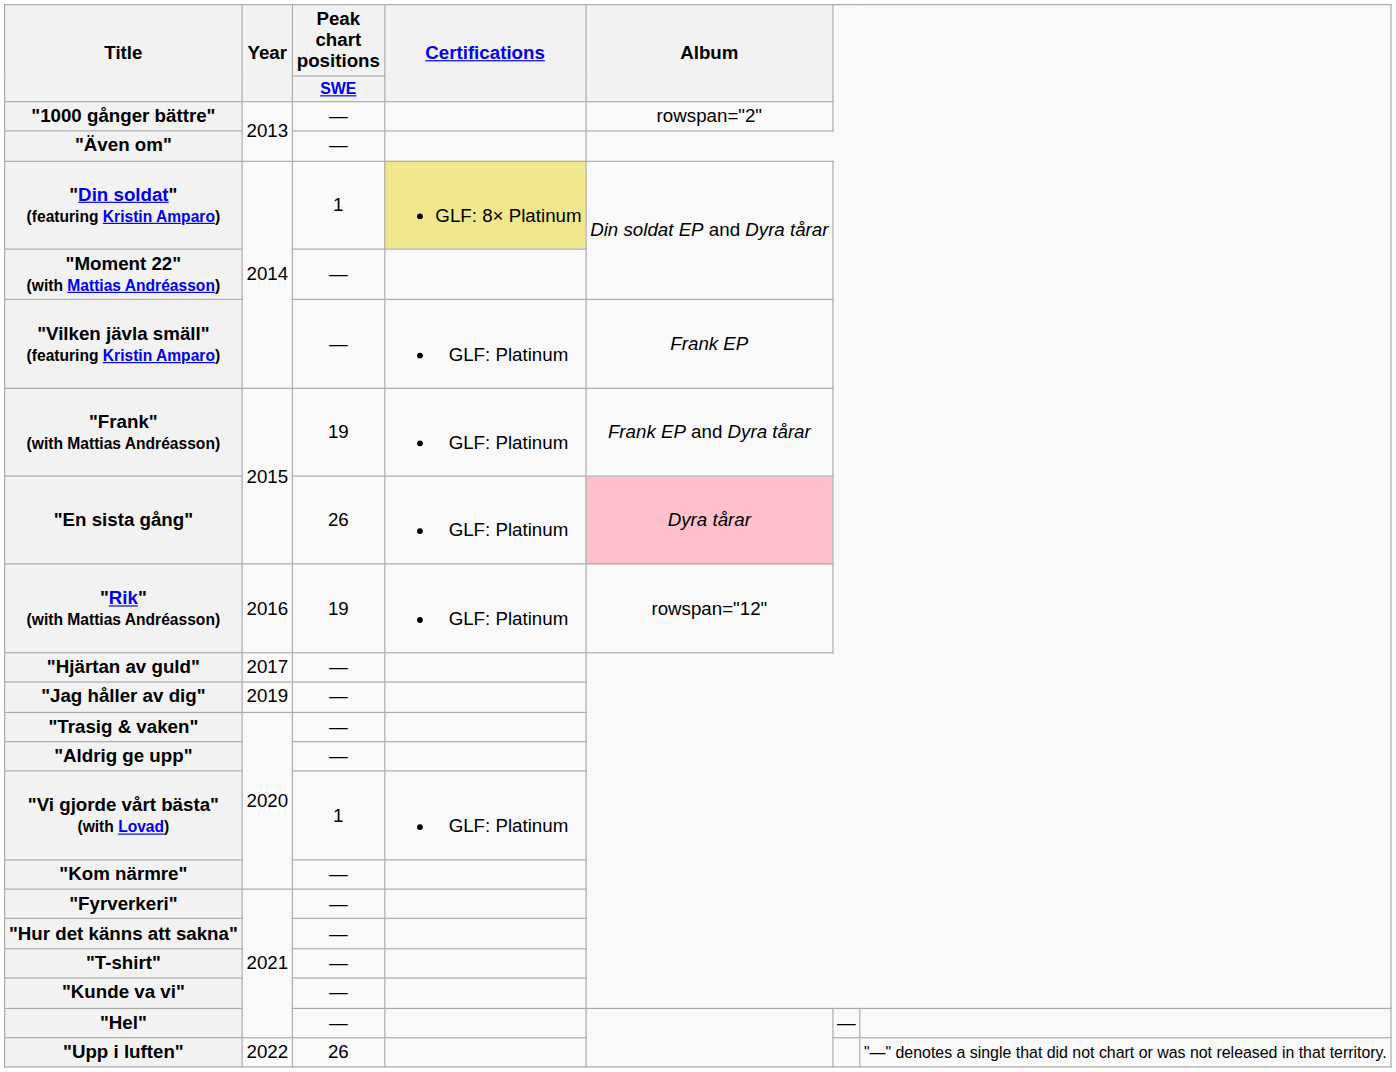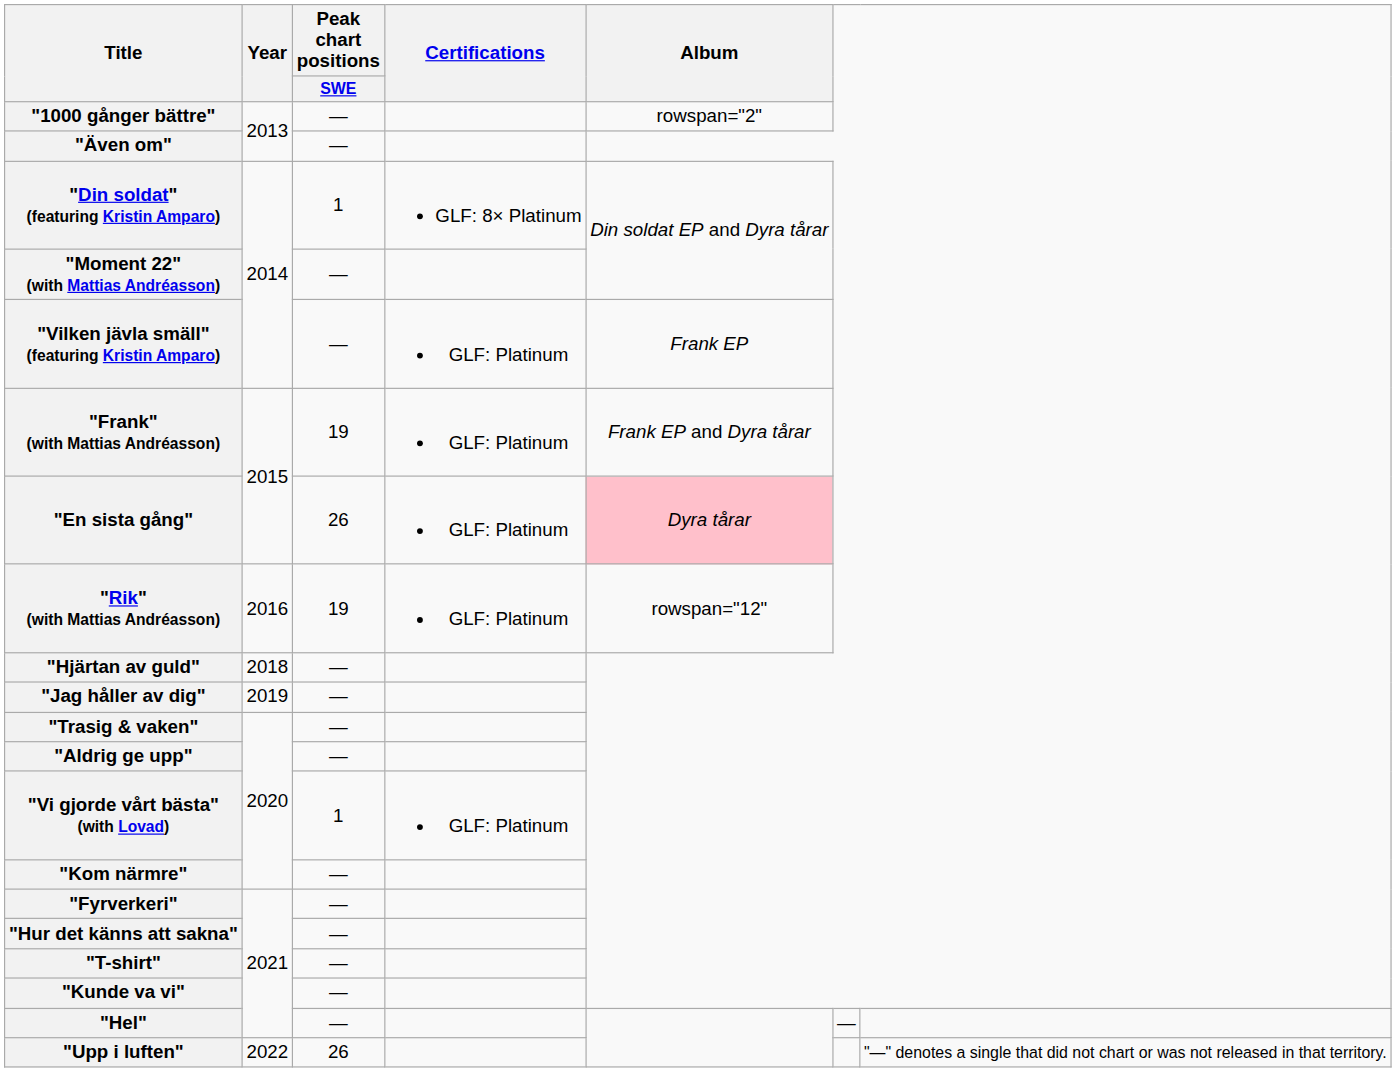 <table class="wikitable plainrowheaders" style="text-align:center;">
 <tr>
 <th scope="col" rowspan="2">Title</th>
 <th scope="col" rowspan="2">Year</th>
 <th scope="col" colspan="1">Peak chart positions</th>
 <th scope="col" rowspan="2"><a href='#'>Certifications</a></th>
 <th scope="col" rowspan="2">Album</th>
 </tr>
 <tr>
 <th scope="col" style="width:3em;font-size:85%;"><a href='#'>SWE</a><br></th>
 </tr>
 <tr>
 <th scope="row">"1000 gånger bättre"</th>
 <td rowspan="2">2013</td>
 <td>—</td>
 <td></td>
 <td>rowspan="2" </td>
 </tr>
 <tr>
 <th scope="row">"Även om"</th>
 <td>—</td>
 <td></td>
 </tr>
 <tr>
 <th scope="row">"<a href='#'>Din soldat</a>" <br><small>(featuring <a href='#'>Kristin Amparo</a>)</small></th>
 <td rowspan="3">2014</td>
 <td>1</td>
-<td style="background: khaki;"><br><ul><li>GLF: 8× Platinum</li></ul></td>
+<td><br><ul><li>GLF: 8× Platinum</li></ul></td>
 <td rowspan="2"><em>Din soldat EP</em> and <em>Dyra tårar</em></td>
 </tr>
 <tr>
 <th scope="row">"Moment 22" <br><small>(with <a href='#'>Mattias Andréasson</a>)</small></th>
 <td>—</td>
 <td></td>
 </tr>
 <tr>
 <th scope="row">"Vilken jävla smäll" <br><small>(featuring <a href='#'>Kristin Amparo</a>)</small></th>
 <td>—</td>
 <td><br><ul><li>GLF: Platinum</li></ul></td>
 <td><em>Frank EP</em></td>
 </tr>
 <tr>
 <th scope="row">"Frank" <br><small>(with Mattias Andréasson)</small></th>
 <td rowspan="2">2015</td>
 <td>19</td>
 <td><br><ul><li>GLF: Platinum</li></ul></td>
 <td><em>Frank EP</em> and <em>Dyra tårar</em></td>
 </tr>
 <tr>
 <th scope="row">"En sista gång"</th>
 <td>26</td>
 <td><br><ul><li>GLF: Platinum</li></ul></td>
 <td style="background: pink;"><em>Dyra tårar</em></td>
 </tr>
 <tr>
 <th scope="row">"<a href='#'>Rik</a>" <br><small>(with Mattias Andréasson)</small></th>
 <td>2016</td>
 <td>19</td>
 <td><br><ul><li>GLF: Platinum</li></ul></td>
 <td>rowspan="12" </td>
 </tr>
 <tr>
 <th scope="row">"Hjärtan av guld"<br></th>
-<td>2017</td>
+<td>2018</td>
 <td>—</td>
 <td></td>
 </tr>
 <tr>
 <th scope="row">"Jag håller av dig"<br></th>
 <td>2019</td>
 <td>—</td>
 <td></td>
 </tr>
 <tr>
 <th scope="row">"Trasig & vaken"<br></th>
 <td rowspan="4">2020</td>
 <td>—</td>
 <td></td>
 </tr>
 <tr>
 <th scope="row">"Aldrig ge upp"<br></th>
 <td>—</td>
 <td></td>
 </tr>
 <tr>
 <th scope="row">"Vi gjorde vårt bästa" <br><small>(with <a href='#'>Lovad</a>)</small></th>
 <td>1</td>
 <td><br><ul><li>GLF: Platinum</li></ul></td>
 </tr>
 <tr>
 <th scope="row">"Kom närmre"<br></th>
 <td>—</td>
 <td></td>
 </tr>
 <tr>
 <th scope="row">"Fyrverkeri"<br></th>
 <td rowspan="5">2021</td>
 <td>—</td>
 <td></td>
 </tr>
 <tr>
 <th scope="row">"Hur det känns att sakna"</th>
 <td>—</td>
 <td></td>
 </tr>
 <tr>
 <th scope="row">"T-shirt"<br></th>
 <td>—</td>
 <td></td>
 </tr>
 <tr>
 <th scope="row">"Kunde va vi"</th>
 <td>—</td>
 <td></td>
 </tr>
 <tr>
 <th scope="row">"Hel"</th>
 <td>—</td>
 <td></td>
 <td rowspan="5"></td>
 <td>—</td>
 <td></td>
 </tr>
 <tr>
 <th scope="row">"Upp i luften"</th>
 <td>2022</td>
 <td>26</td>
 <td></td>
 <td></td>
 <td colspan="11" style="font-size:85%">"—" denotes a single that did not chart or was not released in that territory.</td>
 </tr>
 </table>
